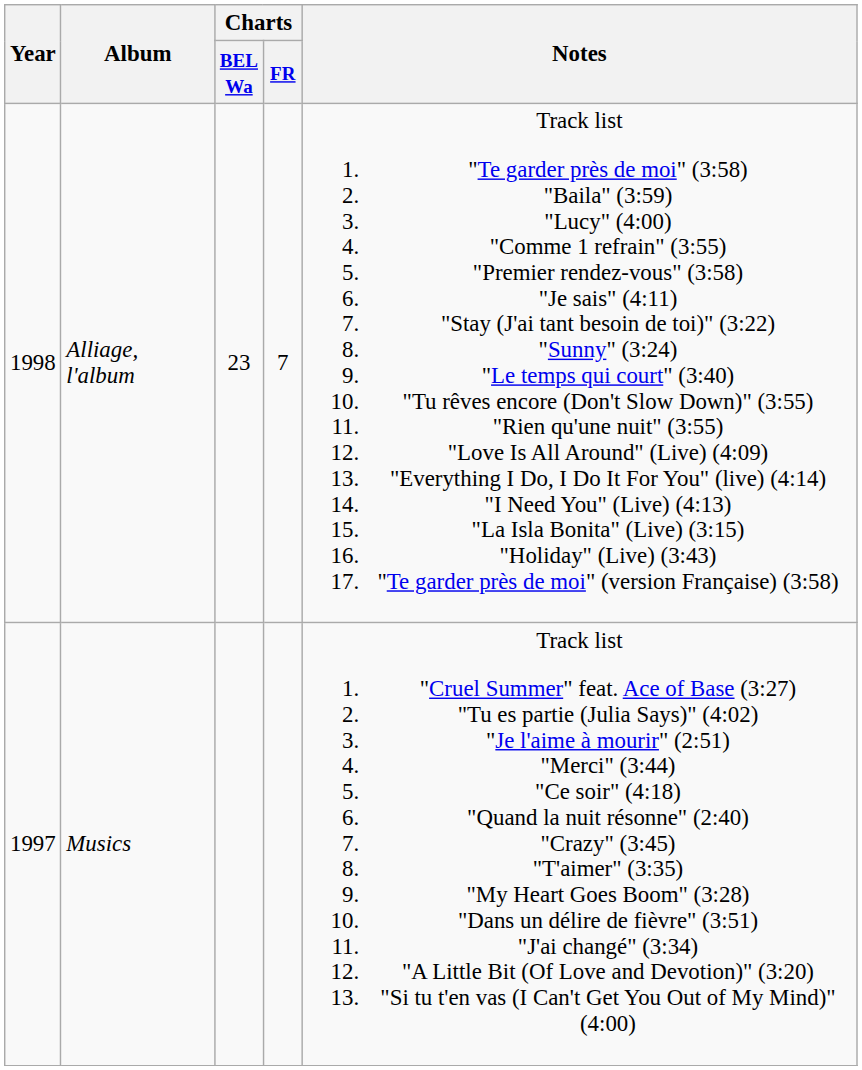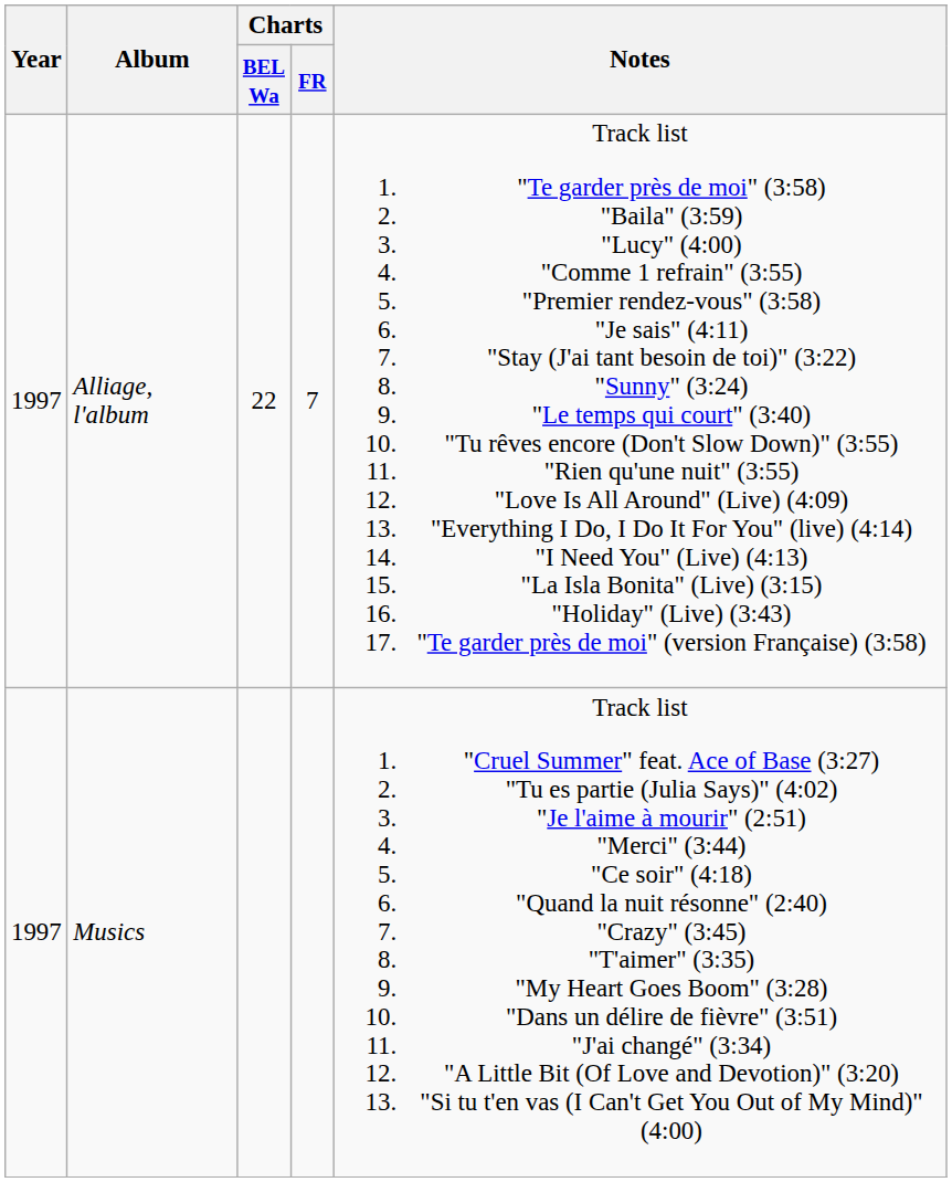 <table class="wikitable">
 <tr>
 <th align="center" rowspan="2">Year</th>
 <th align="center" rowspan="2" width="100">Album</th>
 <th align="center" colspan="2">Charts</th>
 <th align="center" rowspan="2" width="380">Notes</th>
 </tr>
 <tr>
 <th width="20"><small><a href='#'>BEL <br>Wa</a></small><br></th>
 <th width="20"><small><a href='#'>FR</a></small><br></th>
 </tr>
 <tr>
-<td align="center">1998</td>
+<td align="center">1997</td>
 <td><em>Alliage, l'album</em></td>
-<td align="center">23</td>
+<td align="center">22</td>
 <td align="center">7</td>
 <td align="center">Track list<br><ol><li>"<a href='#'>Te garder près de moi</a>" (3:58)</li><li>"Baila" (3:59)</li><li>"Lucy" (4:00)</li><li>"Comme 1 refrain" (3:55)</li><li>"Premier rendez-vous" (3:58)</li><li>"Je sais" (4:11)</li><li>"Stay (J'ai tant besoin de toi)" (3:22)</li><li>"<a href='#'>Sunny</a>" (3:24)</li><li>"<a href='#'>Le temps qui court</a>" (3:40)</li><li>"Tu rêves encore (Don't Slow Down)" (3:55)</li><li>"Rien qu'une nuit" (3:55)</li><li>"Love Is All Around" (Live) (4:09)</li><li>"Everything I Do, I Do It For You" (live) (4:14)</li><li>"I Need You" (Live) (4:13)</li><li>"La Isla Bonita" (Live) (3:15)</li><li>"Holiday" (Live) (3:43)</li><li>"<a href='#'>Te garder près de moi</a>" (version Française) (3:58)</li></ol></td>
 </tr>
 <tr>
 <td align="center">1997</td>
 <td><em>Musics</em></td>
 <td align="center"></td>
 <td align="center"></td>
 <td align="center">Track list<br><ol><li>"<a href='#'>Cruel Summer</a>" feat. <a href='#'>Ace of Base</a> (3:27)</li><li>"Tu es partie (Julia Says)" (4:02)</li><li>"<a href='#'>Je l'aime à mourir</a>" (2:51)</li><li>"Merci" (3:44)</li><li>"Ce soir" (4:18)</li><li>"Quand la nuit résonne" (2:40)</li><li>"Crazy" (3:45)</li><li>"T'aimer" (3:35)</li><li>"My Heart Goes Boom" (3:28)</li><li>"Dans un délire de fièvre" (3:51)</li><li>"J'ai changé" (3:34)</li><li>"A Little Bit (Of Love and Devotion)" (3:20)</li><li>"Si tu t'en vas (I Can't Get You Out of My Mind)" (4:00)</li></ol></td>
 </tr>
 <tr>
 </tr>
 </table>
